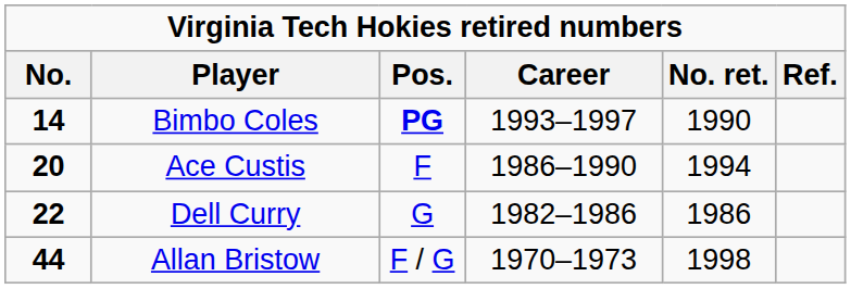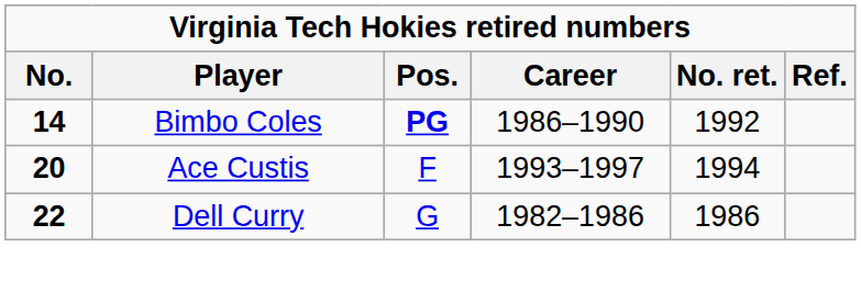 <table class="wikitable sortable" style="text-align:center">
 <tr>
 <td colspan=6><strong>Virginia Tech Hokies retired numbers</strong></td>
 </tr>
 <tr>
 <th width=40px>No.</th>
 <th width=150px>Player</th>
 <th width=40px>Pos.</th>
 <th width=100px>Career</th>
 <th width=px>No. ret.</th>
 <th width=px>Ref.</th>
 </tr>
 <tr>
 <td><strong>14</strong></td>
 <td><a href='#'>Bimbo Coles</a></td>
 <td><strong><a href='#'>PG</a></strong></td>
-<td>1993–1997</td>
-<td>1990</td>
+<td>1986–1990</td>
+<td>1992</td>
 <td></td>
 </tr>
 <tr>
 <td><strong>20</strong></td>
 <td><a href='#'>Ace Custis</a></td>
 <td><a href='#'>F</a></td>
-<td>1986–1990</td>
+<td>1993–1997</td>
 <td>1994</td>
 <td></td>
 </tr>
 <tr>
 <td><strong>22</strong></td>
 <td><a href='#'>Dell Curry</a></td>
 <td><a href='#'>G</a></td>
 <td>1982–1986</td>
 <td>1986</td>
 <td></td>
 </tr>
-<tr>
-<td><strong>44</strong></td>
-<td><a href='#'>Allan Bristow</a></td>
-<td><a href='#'>F</a> / <a href='#'>G</a></td>
-<td>1970–1973</td>
-<td>1998</td>
-<td></td>
-</tr>
 </table>
